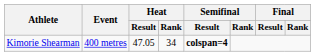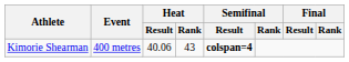 <table class=wikitable style=font-size:90%>
 <tr>
 <th rowspan=2>Athlete</th>
 <th rowspan=2>Event</th>
 <th colspan=2>Heat</th>
 <th colspan=2>Semifinal</th>
 <th colspan=2>Final</th>
 </tr>
 <tr style=font-size:95%>
 <th>Result</th>
 <th>Rank</th>
 <th>Result</th>
 <th>Rank</th>
 <th>Result</th>
 <th>Rank</th>
 </tr>
 <tr align=center>
 <td align=left><a href='#'>Kimorie Shearman</a></td>
 <td align=left><a href='#'>400 metres</a></td>
-<td>47.05</td>
-<td>34</td>
+<td>40.06</td>
+<td>43</td>
 <td><strong>colspan=4 </strong></td>
 </tr>
 </table>
